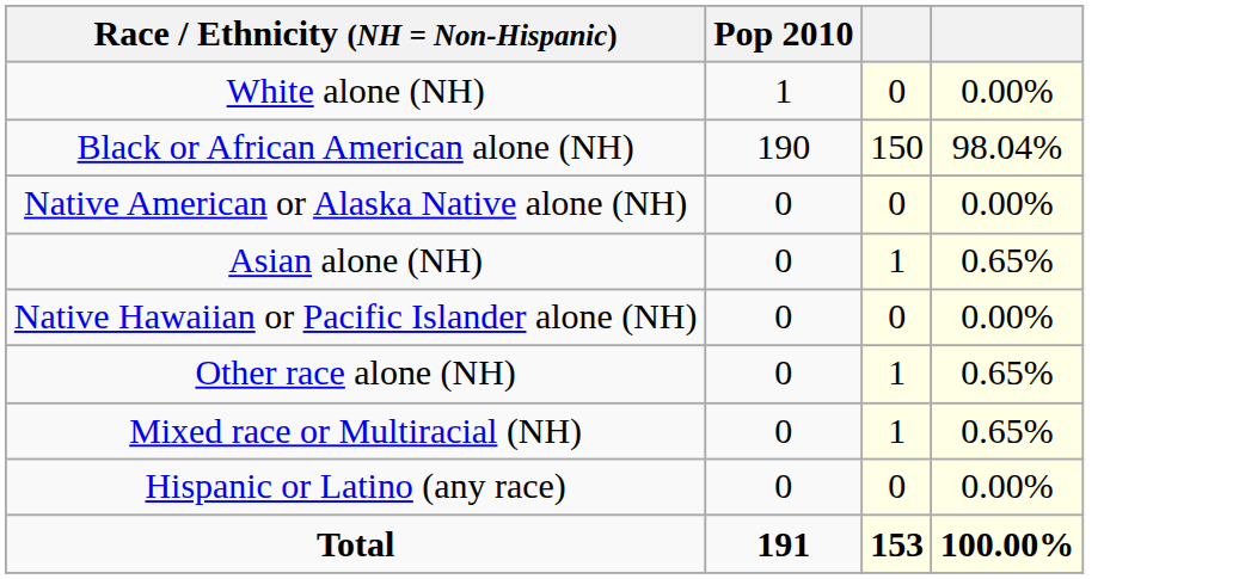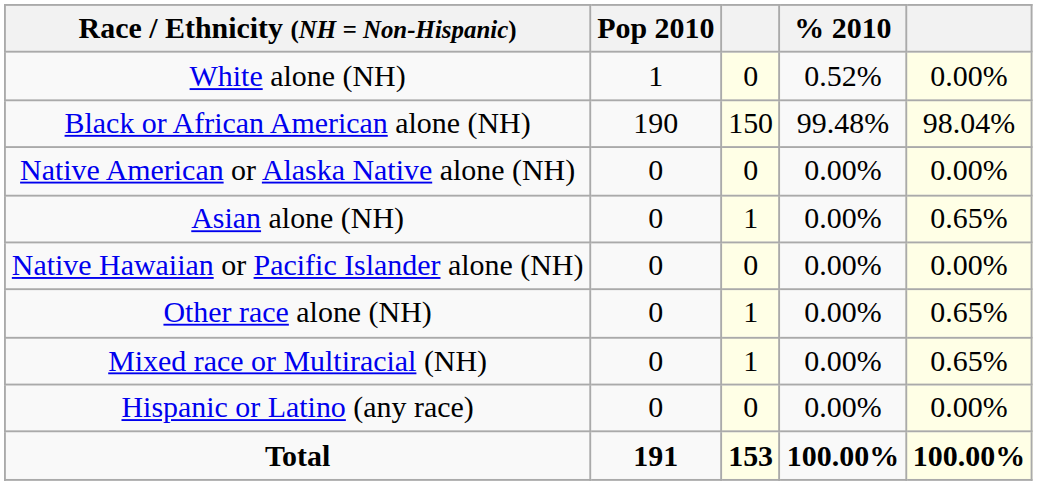 <table class="wikitable" style="text-align:center;">
 <tr>
 <th>Race / Ethnicity <small>(<em>NH = Non-Hispanic</em>)</small></th>
 <th>Pop 2010</th>
 <th></th>
+<th>% 2010</th>
 <th></th>
 </tr>
 <tr>
 <td><a href='#'>White</a> alone (NH)</td>
 <td>1</td>
 <td style='background: #ffffe6;'>0</td>
+<td>0.52%</td>
 <td style='background: #ffffe6;'>0.00%</td>
 </tr>
 <tr>
 <td><a href='#'>Black or African American</a> alone (NH)</td>
 <td>190</td>
 <td style='background: #ffffe6;'>150</td>
+<td>99.48%</td>
 <td style='background: #ffffe6;'>98.04%</td>
 </tr>
 <tr>
 <td><a href='#'>Native American</a> or <a href='#'>Alaska Native</a> alone (NH)</td>
 <td>0</td>
 <td style='background: #ffffe6;'>0</td>
+<td>0.00%</td>
 <td style='background: #ffffe6;'>0.00%</td>
 </tr>
 <tr>
 <td><a href='#'>Asian</a> alone (NH)</td>
 <td>0</td>
 <td style='background: #ffffe6;'>1</td>
+<td>0.00%</td>
 <td style='background: #ffffe6;'>0.65%</td>
 </tr>
 <tr>
 <td><a href='#'>Native Hawaiian</a> or <a href='#'>Pacific Islander</a> alone (NH)</td>
 <td>0</td>
 <td style='background: #ffffe6;'>0</td>
+<td>0.00%</td>
 <td style='background: #ffffe6;'>0.00%</td>
 </tr>
 <tr>
 <td><a href='#'>Other race</a> alone (NH)</td>
 <td>0</td>
 <td style='background: #ffffe6;'>1</td>
+<td>0.00%</td>
 <td style='background: #ffffe6;'>0.65%</td>
 </tr>
 <tr>
 <td><a href='#'>Mixed race or Multiracial</a> (NH)</td>
 <td>0</td>
 <td style='background: #ffffe6;'>1</td>
+<td>0.00%</td>
 <td style='background: #ffffe6;'>0.65%</td>
 </tr>
 <tr>
 <td><a href='#'>Hispanic or Latino</a> (any race)</td>
 <td>0</td>
 <td style='background: #ffffe6;'>0</td>
+<td>0.00%</td>
 <td style='background: #ffffe6;'>0.00%</td>
 </tr>
 <tr>
 <td><strong>Total</strong></td>
 <td><strong>191</strong></td>
 <td style='background: #ffffe6;'><strong>153</strong></td>
+<td><strong>100.00%</strong></td>
 <td style='background: #ffffe6;'><strong>100.00%</strong></td>
 </tr>
 </table>
